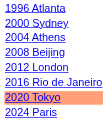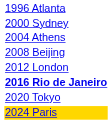 <table>
 <tr>
 <td><a href='#'>1996 Atlanta</a><br></td>
 <td></td>
 <td></td>
 <td></td>
 </tr>
 <tr>
 <td><a href='#'>2000 Sydney</a><br></td>
 <td></td>
 <td></td>
 <td></td>
 </tr>
 <tr>
 <td><a href='#'>2004 Athens</a><br></td>
 <td></td>
 <td></td>
 <td></td>
 </tr>
 <tr>
 <td><a href='#'>2008 Beijing</a><br></td>
 <td></td>
 <td></td>
 <td></td>
 </tr>
 <tr>
 <td><a href='#'>2012 London</a><br></td>
 <td></td>
 <td></td>
 <td></td>
 </tr>
 <tr>
-<td><a href='#'>2016 Rio de Janeiro</a><br></td>
+<td><strong><a href='#'>2016 Rio de Janeiro</a><br></strong></td>
 <td></td>
 <td></td>
 <td></td>
 </tr>
 <tr>
-<td style="background: lightsalmon;"><a href='#'>2020 Tokyo</a><br></td>
+<td><a href='#'>2020 Tokyo</a><br></td>
 <td></td>
 <td></td>
 <td></td>
 </tr>
 <tr>
-<td><a href='#'>2024 Paris</a> <br></td>
+<td style="background: gold;"><a href='#'>2024 Paris</a> <br></td>
 <td></td>
 <td></td>
 <td></td>
 </tr>
 </table>
